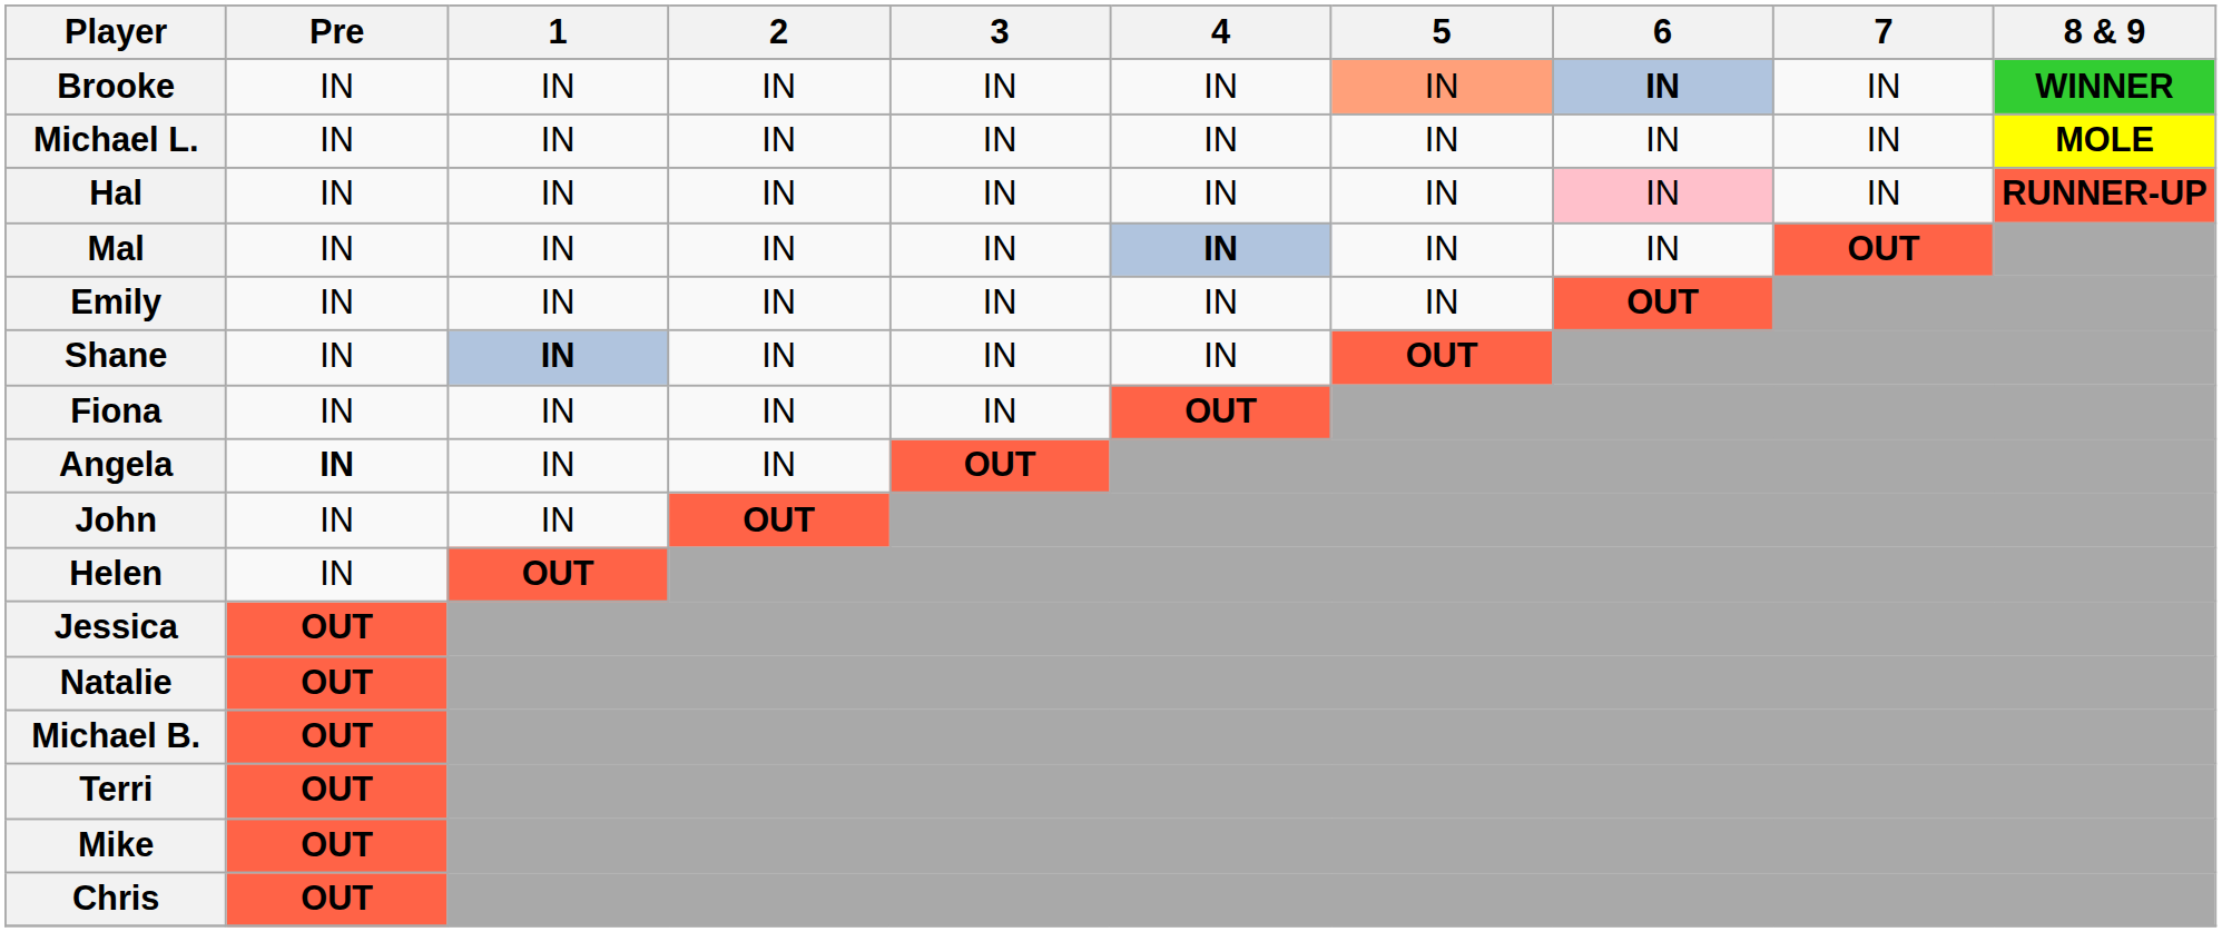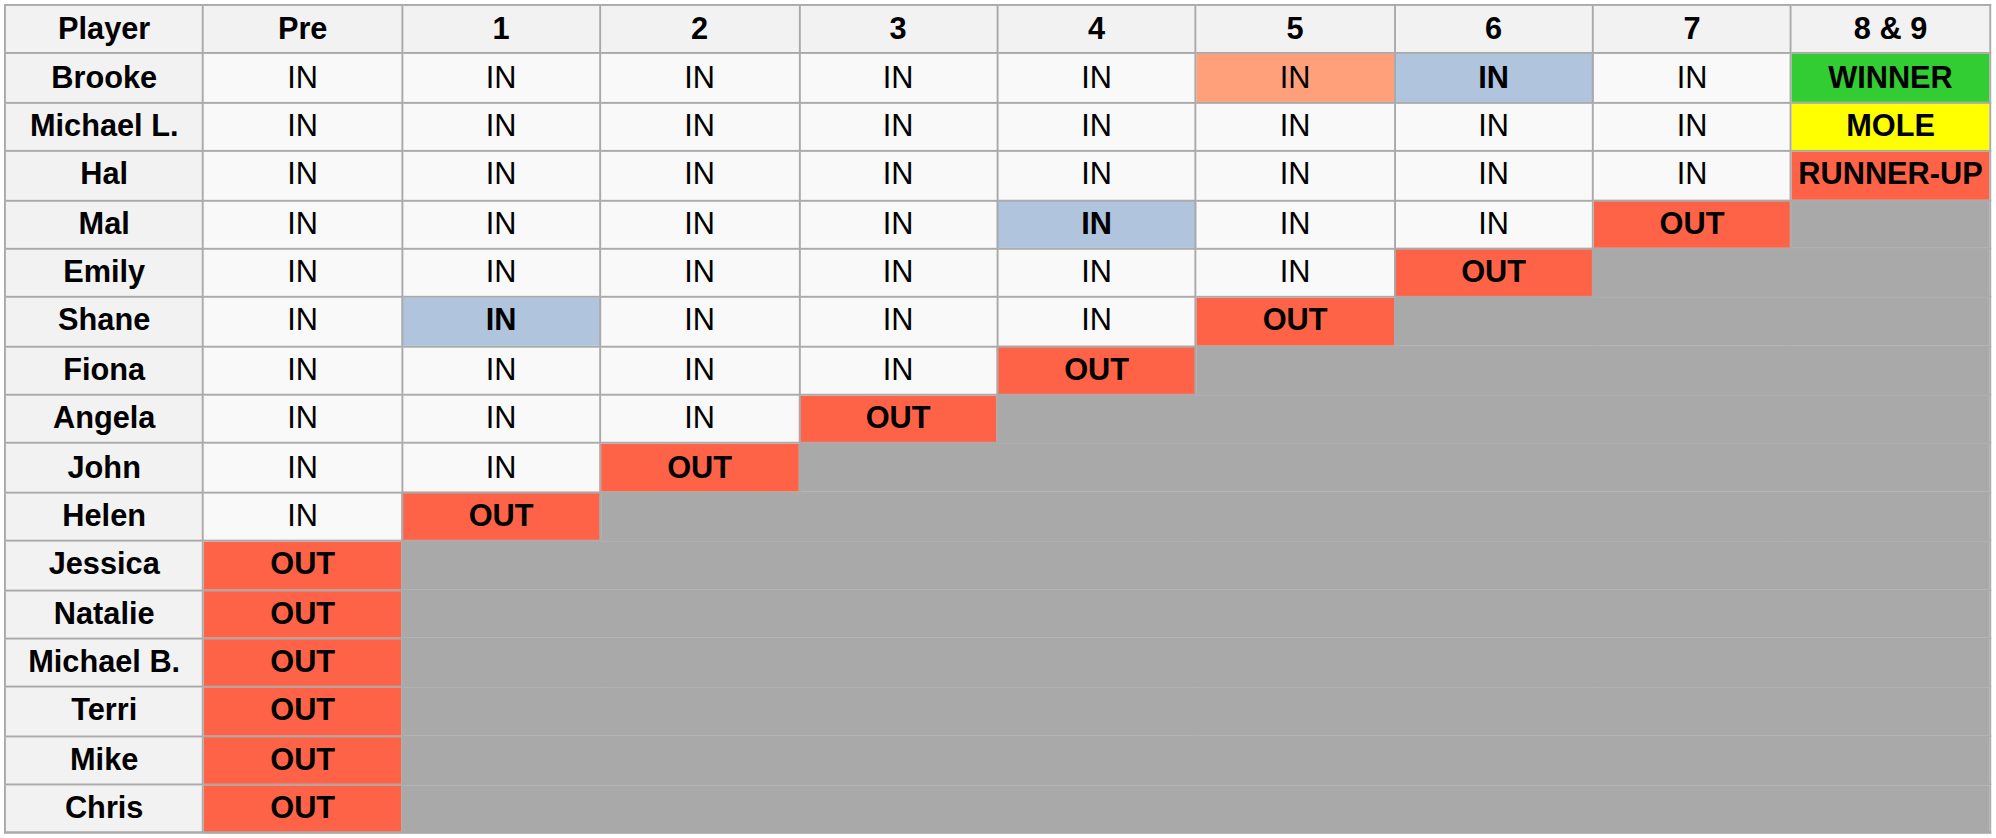 <table class="wikitable" style="text-align:center">
 <tr>
 <th>Player</th>
 <th style="width:10%;">Pre</th>
 <th style="width:10%;">1</th>
 <th style="width:10%;">2</th>
 <th style="width:10%;">3</th>
 <th style="width:10%;">4</th>
 <th style="width:10%;">5</th>
 <th style="width:10%;">6</th>
 <th style="width:10%;">7</th>
 <th style="width:10%;">8 & 9</th>
 </tr>
 <tr>
 <th>Brooke</th>
 <td>IN</td>
 <td>IN</td>
 <td>IN</td>
 <td>IN</td>
 <td>IN</td>
 <td style="background: lightsalmon;">IN</td>
 <td style="background:lightsteelblue;"><strong>IN</strong></td>
 <td>IN</td>
 <td style="background:limegreen;"><strong>WINNER</strong></td>
 </tr>
 <tr>
 <th>Michael L.</th>
 <td>IN</td>
 <td>IN</td>
 <td>IN</td>
 <td>IN</td>
 <td>IN</td>
 <td>IN</td>
 <td>IN</td>
 <td>IN</td>
 <td style="background:yellow;"><strong>MOLE</strong></td>
 </tr>
 <tr>
 <th>Hal</th>
 <td>IN</td>
 <td>IN</td>
 <td>IN</td>
 <td>IN</td>
 <td>IN</td>
 <td>IN</td>
-<td style="background: pink;">IN</td>
+<td>IN</td>
 <td>IN</td>
 <td style="background:tomato;"><strong>RUNNER-UP</strong></td>
 </tr>
 <tr>
 <th>Mal</th>
 <td>IN</td>
 <td>IN</td>
 <td>IN</td>
 <td>IN</td>
 <td style="background:lightsteelblue;"><strong>IN</strong></td>
 <td>IN</td>
 <td>IN</td>
 <td style="background:tomato;"><strong>OUT</strong></td>
 <td colspan=2 bgcolor="darkgray"></td>
 </tr>
 <tr>
 <th>Emily</th>
 <td>IN</td>
 <td>IN</td>
 <td>IN</td>
 <td>IN</td>
 <td>IN</td>
 <td>IN</td>
 <td style="background:tomato;"><strong>OUT</strong></td>
 <td colspan=3 bgcolor="darkgray"></td>
 </tr>
 <tr>
 <th>Shane</th>
 <td>IN</td>
 <td style="background:lightsteelblue;"><strong>IN</strong></td>
 <td>IN</td>
 <td>IN</td>
 <td>IN</td>
 <td style="background:tomato;"><strong>OUT</strong></td>
 <td colspan=4 bgcolor="darkgray"></td>
 </tr>
 <tr>
 <th>Fiona</th>
 <td>IN</td>
 <td>IN</td>
 <td>IN</td>
 <td>IN</td>
 <td style="background:tomato;"><strong>OUT</strong></td>
 <td colspan=5 bgcolor="darkgray"></td>
 </tr>
 <tr>
 <th>Angela</th>
-<td><strong>IN</strong></td>
+<td>IN</td>
 <td>IN</td>
 <td>IN</td>
 <td style="background:tomato;"><strong>OUT</strong></td>
 <td colspan=6 bgcolor="darkgray"></td>
 </tr>
 <tr>
 <th>John</th>
 <td>IN</td>
 <td>IN</td>
 <td style="background:tomato;"><strong>OUT</strong></td>
 <td colspan=7 bgcolor="darkgray"></td>
 </tr>
 <tr>
 <th>Helen</th>
 <td>IN</td>
 <td style="background:tomato;"><strong>OUT</strong></td>
 <td colspan=8 bgcolor="darkgray"></td>
 </tr>
 <tr>
 <th>Jessica</th>
 <td style="background:tomato;"><strong>OUT</strong></td>
 <td colspan=9 bgcolor="darkgray"></td>
 </tr>
 <tr>
 <th>Natalie</th>
 <td style="background:tomato;"><strong>OUT</strong></td>
 <td colspan=9 bgcolor="darkgray"></td>
 </tr>
 <tr>
 <th>Michael B.</th>
 <td style="background:tomato;"><strong>OUT</strong></td>
 <td colspan=9 bgcolor="darkgray"></td>
 </tr>
 <tr>
 <th>Terri</th>
 <td style="background:tomato;"><strong>OUT</strong></td>
 <td colspan=9 bgcolor="darkgray"></td>
 </tr>
 <tr>
 <th>Mike</th>
 <td style="background:tomato;"><strong>OUT</strong></td>
 <td colspan=9 bgcolor="darkgray"></td>
 </tr>
 <tr>
 <th>Chris</th>
 <td style="background:tomato;"><strong>OUT</strong></td>
 <td colspan=9 bgcolor="darkgray"></td>
 </tr>
 <tr>
 </tr>
 </table>
